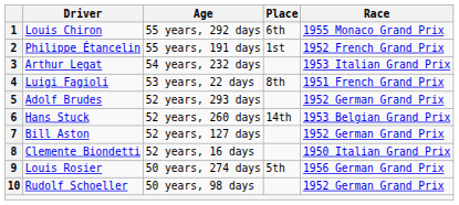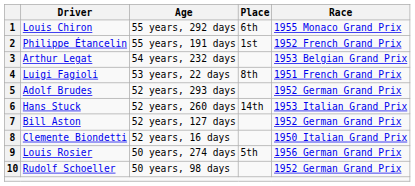 <table class="wikitable">
 <tr>
 <th></th>
 <th>Driver</th>
 <th>Age</th>
 <th>Place</th>
 <th>Race</th>
 </tr>
 <tr>
 <th>1</th>
 <td> <a href='#'>Louis Chiron</a></td>
 <td>55 years, 292 days</td>
 <td>6th</td>
 <td><a href='#'>1955 Monaco Grand Prix</a></td>
 </tr>
 <tr>
 <th>2</th>
 <td> <a href='#'>Philippe Étancelin</a></td>
 <td>55 years, 191 days</td>
 <td>1st</td>
 <td><a href='#'>1952 French Grand Prix</a></td>
 </tr>
 <tr>
 <th>3</th>
 <td> <a href='#'>Arthur Legat</a></td>
 <td>54 years, 232 days</td>
 <td></td>
-<td><a href='#'>1953 Italian Grand Prix</a></td>
+<td><a href='#'>1953 Belgian Grand Prix</a></td>
 </tr>
 <tr>
 <th>4</th>
 <td> <a href='#'>Luigi Fagioli</a></td>
 <td>53 years, 22 days</td>
 <td>8th</td>
 <td><a href='#'>1951 French Grand Prix</a></td>
 </tr>
 <tr>
 <th>5</th>
 <td> <a href='#'>Adolf Brudes</a></td>
 <td>52 years, 293 days</td>
 <td></td>
 <td><a href='#'>1952 German Grand Prix</a></td>
 </tr>
 <tr>
 <th>6</th>
 <td> <a href='#'>Hans Stuck</a></td>
 <td>52 years, 260 days</td>
 <td>14th</td>
-<td><a href='#'>1953 Belgian Grand Prix</a></td>
+<td><a href='#'>1953 Italian Grand Prix</a></td>
 </tr>
 <tr>
 <th>7</th>
 <td> <a href='#'>Bill Aston</a></td>
 <td>52 years, 127 days</td>
 <td></td>
 <td><a href='#'>1952 German Grand Prix</a></td>
 </tr>
 <tr>
 <th>8</th>
 <td> <a href='#'>Clemente Biondetti</a></td>
 <td>52 years, 16 days</td>
 <td></td>
 <td><a href='#'>1950 Italian Grand Prix</a></td>
 </tr>
 <tr>
 <th>9</th>
 <td> <a href='#'>Louis Rosier</a></td>
 <td>50 years, 274 days</td>
 <td>5th</td>
 <td><a href='#'>1956 German Grand Prix</a></td>
 </tr>
 <tr>
 <th>10</th>
 <td> <a href='#'>Rudolf Schoeller</a></td>
 <td>50 years, 98 days</td>
 <td></td>
 <td><a href='#'>1952 German Grand Prix</a></td>
 </tr>
 <tr>
 <td colspan=5></td>
 </tr>
 </table>
